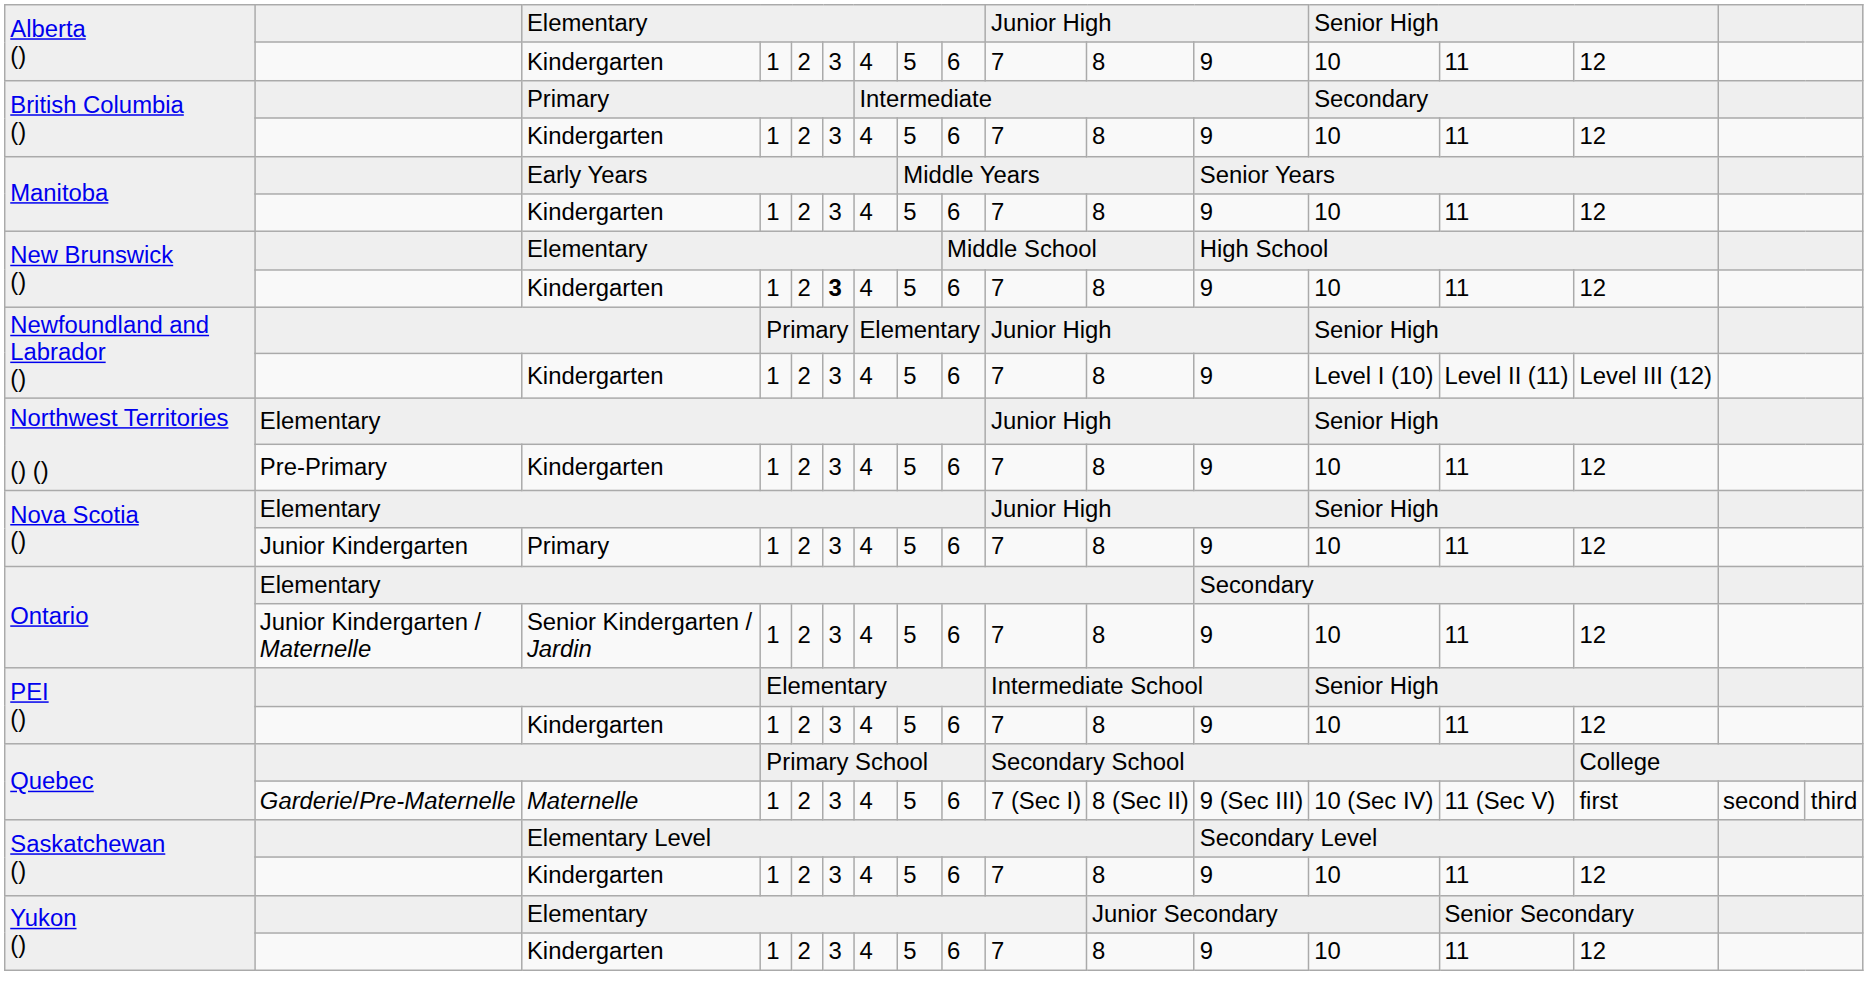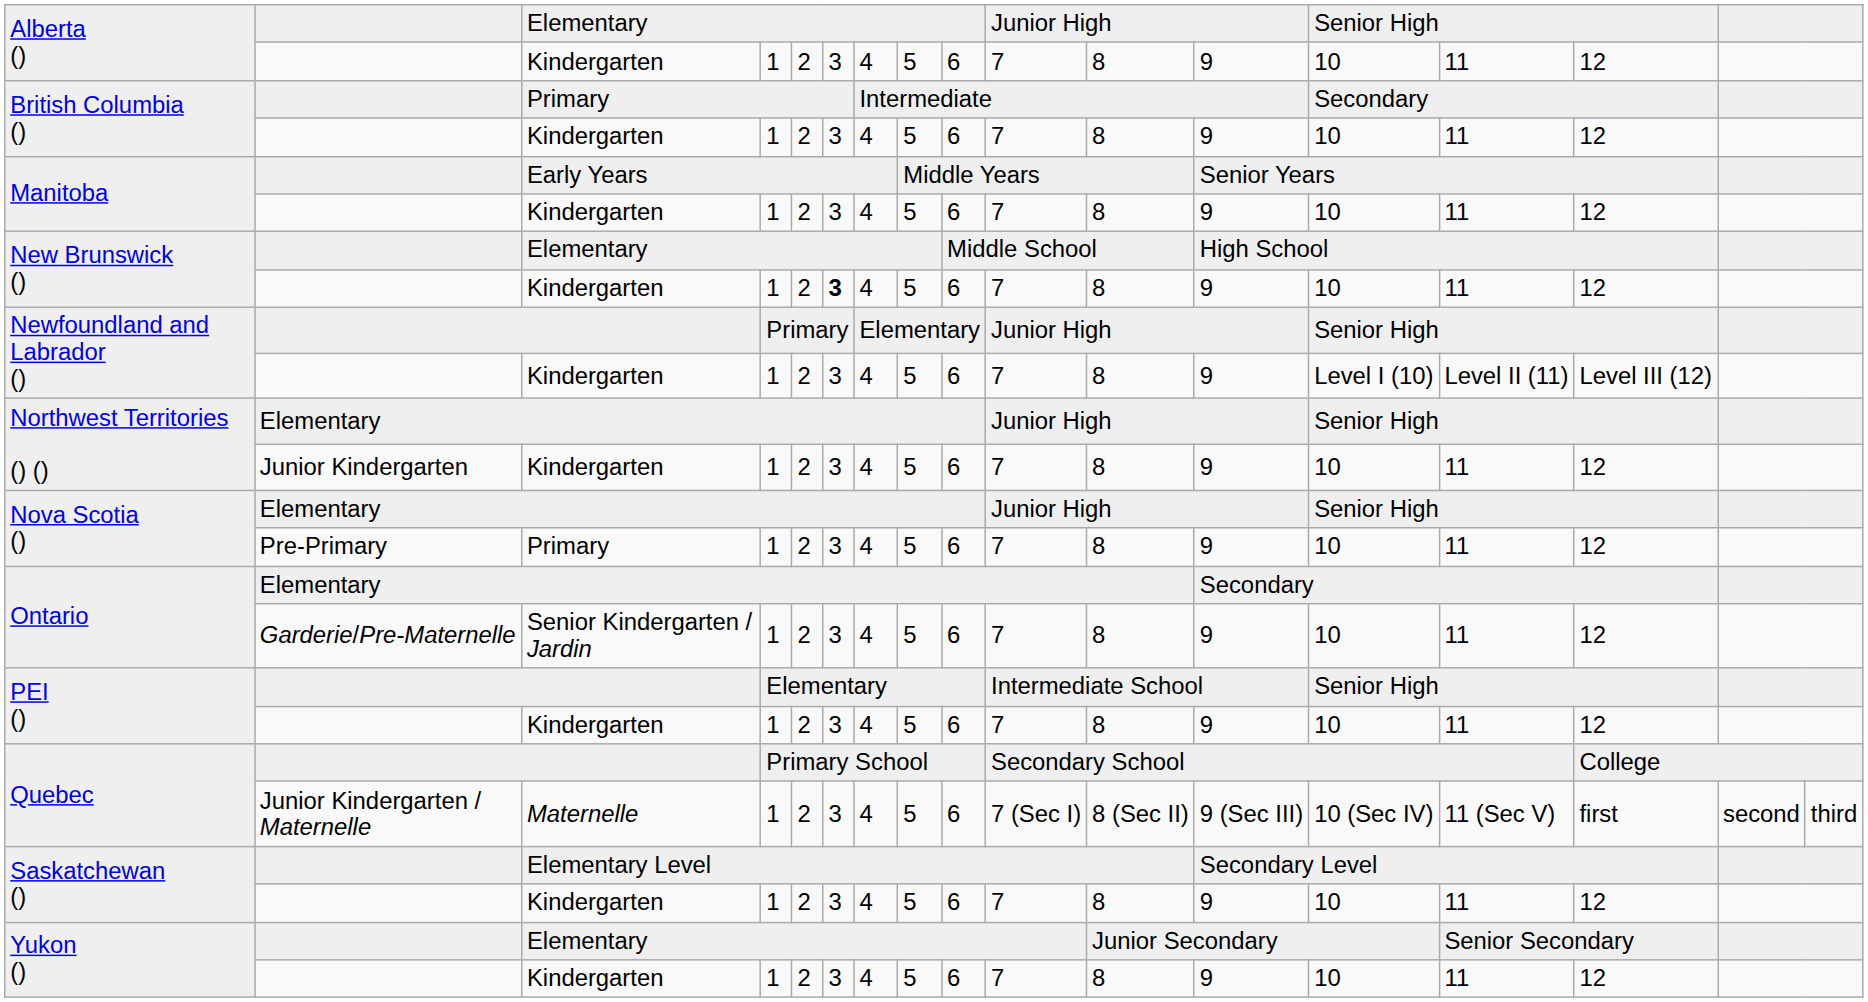 <table class="wikitable">
 <tr style="background: #efefef">
 <td rowspan = "2"> <a href='#'>Alberta</a><br>()</td>
 <td> </td>
 <td colspan = "7">Elementary</td>
 <td colspan = "3">Junior High</td>
 <td colspan = "3">Senior High</td>
 <td colspan="2"> </td>
 </tr>
 <tr>
 <td colpos=2> </td>
 <td>Kindergarten</td>
 <td>1</td>
 <td>2</td>
 <td>3</td>
 <td>4</td>
 <td>5</td>
 <td>6</td>
 <td>7</td>
 <td>8</td>
 <td>9</td>
 <td>10</td>
 <td>11</td>
 <td>12</td>
 <td colspan="2"> </td>
 </tr>
 <tr style="background: #efefef">
 <td rowspan = "2"> <a href='#'>British Columbia</a><br>()</td>
 <td colspan = "1"> </td>
 <td colspan="4">Primary</td>
 <td colspan="6">Intermediate</td>
 <td colspan = "3">Secondary</td>
 <td colspan="2"> </td>
 </tr>
 <tr>
 <td colpos=2> </td>
 <td>Kindergarten</td>
 <td>1</td>
 <td>2</td>
 <td>3</td>
 <td>4</td>
 <td>5</td>
 <td>6</td>
 <td>7</td>
 <td>8</td>
 <td>9</td>
 <td>10</td>
 <td>11</td>
 <td>12</td>
 <td colspan="2"> </td>
 </tr>
 <tr style="background: #efefef">
 <td rowspan = "2"> <a href='#'>Manitoba</a></td>
 <td> </td>
 <td colspan = "5">Early Years</td>
 <td colspan = "4">Middle Years</td>
 <td colspan = "4">Senior Years</td>
 <td colspan="2"> </td>
 </tr>
 <tr>
 <td colpos=2> </td>
 <td>Kindergarten</td>
 <td>1</td>
 <td>2</td>
 <td>3</td>
 <td>4</td>
 <td>5</td>
 <td>6</td>
 <td>7</td>
 <td>8</td>
 <td>9</td>
 <td>10</td>
 <td>11</td>
 <td>12</td>
 <td colspan="2"> </td>
 </tr>
 <tr style="background: #efefef">
 <td rowspan = "2"> <a href='#'>New Brunswick</a><br>()</td>
 <td> </td>
 <td colspan = "6">Elementary</td>
 <td colspan = "3">Middle School</td>
 <td colspan = "4">High School</td>
 <td colspan="2"> </td>
 </tr>
 <tr>
 <td colpos=2> </td>
 <td>Kindergarten</td>
 <td>1</td>
 <td>2</td>
 <td><strong>3</strong></td>
 <td>4</td>
 <td>5</td>
 <td>6</td>
 <td>7</td>
 <td>8</td>
 <td>9</td>
 <td>10</td>
 <td>11</td>
 <td>12</td>
 <td colspan="2"> </td>
 </tr>
 <tr style="background: #efefef;">
 <td rowspan = "2"> <a href='#'>Newfoundland and Labrador</a><br>()</td>
 <td colspan = "2"> </td>
 <td colspan = "3">Primary</td>
 <td colspan = "3">Elementary</td>
 <td colspan = "3">Junior High</td>
 <td colspan = "3">Senior High</td>
 <td colspan="2"> </td>
 </tr>
 <tr>
 <td colpos=2> </td>
 <td>Kindergarten</td>
 <td>1</td>
 <td>2</td>
 <td>3</td>
 <td>4</td>
 <td>5</td>
 <td>6</td>
 <td>7</td>
 <td>8</td>
 <td>9</td>
 <td nowrap="nowrap">Level I (10)</td>
 <td nowrap="nowrap">Level II (11)</td>
 <td nowrap="nowrap">Level III (12)</td>
 <td colspan="2"> </td>
 </tr>
 <tr style="background: #efefef">
 <td rowspan = "2"> <a href='#'>Northwest Territories</a><br><br>() ()</td>
 <td colspan = "8">Elementary</td>
 <td colspan = "3">Junior High</td>
 <td colspan = "3">Senior High</td>
 <td colspan="2"> </td>
 </tr>
 <tr>
-<td colpos=2>Pre-Primary</td>
+<td colpos=2>Junior Kindergarten</td>
 <td>Kindergarten</td>
 <td>1</td>
 <td>2</td>
 <td>3</td>
 <td>4</td>
 <td>5</td>
 <td>6</td>
 <td>7</td>
 <td>8</td>
 <td>9</td>
 <td>10</td>
 <td>11</td>
 <td>12</td>
 <td colspan="2"> </td>
 </tr>
 <tr style="background: #efefef">
 <td rowspan = "2"> <a href='#'>Nova Scotia</a><br>()</td>
 <td colspan = "8">Elementary</td>
 <td colspan = "3">Junior High</td>
 <td colspan = "3">Senior High</td>
 <td colspan="2"> </td>
 </tr>
 <tr>
-<td colpos=2>Junior Kindergarten</td>
+<td colpos=2>Pre-Primary</td>
 <td>Primary</td>
 <td>1</td>
 <td>2</td>
 <td>3</td>
 <td>4</td>
 <td>5</td>
 <td>6</td>
 <td>7</td>
 <td>8</td>
 <td>9</td>
 <td>10</td>
 <td>11</td>
 <td>12</td>
 <td colspan="2"> </td>
 </tr>
 <tr style="background: #efefef;">
 <td rowspan = "2"> <a href='#'>Ontario</a></td>
 <td colspan = "10">Elementary</td>
 <td colspan = "4">Secondary</td>
 <td colspan="2"> </td>
 </tr>
 <tr>
-<td colpos=2>Junior Kindergarten / <em>Maternelle</em></td>
+<td colpos=2><em>Garderie</em>/<em>Pre-Maternelle</em></td>
 <td>Senior Kindergarten / <em>Jardin</em></td>
 <td>1</td>
 <td>2</td>
 <td>3</td>
 <td>4</td>
 <td>5</td>
 <td>6</td>
 <td>7</td>
 <td>8</td>
 <td>9</td>
 <td>10</td>
 <td>11</td>
 <td>12</td>
 <td colspan="2"> </td>
 </tr>
 <tr style="background: #efefef">
 <td rowspan = "2"> <a href='#'>PEI</a><br>()</td>
 <td colspan = "2"> </td>
 <td colspan = "6">Elementary</td>
 <td colspan = "3">Intermediate School</td>
 <td colspan = "3">Senior High</td>
 <td colspan="2"> </td>
 </tr>
 <tr>
 <td colpos=2> </td>
 <td>Kindergarten</td>
 <td>1</td>
 <td>2</td>
 <td>3</td>
 <td>4</td>
 <td>5</td>
 <td>6</td>
 <td>7</td>
 <td>8</td>
 <td>9</td>
 <td>10</td>
 <td>11</td>
 <td>12</td>
 <td colspan="2"> </td>
 </tr>
 <tr style="background: #efefef;">
 <td rowspan = "2"> <a href='#'>Quebec</a></td>
 <td colspan = "2"> </td>
 <td colspan = "6">Primary School</td>
 <td colspan = "5">Secondary School</td>
 <td colspan = "3">College</td>
 </tr>
 <tr>
-<td colpos=2><em>Garderie</em>/<em>Pre-Maternelle</em></td>
+<td colpos=2>Junior Kindergarten / <em>Maternelle</em></td>
 <td><em>Maternelle</em></td>
 <td>1</td>
 <td>2</td>
 <td>3</td>
 <td>4</td>
 <td>5</td>
 <td>6</td>
 <td nowrap="nowrap">7 (Sec I)</td>
 <td nowrap="nowrap">8 (Sec II)</td>
 <td nowrap="nowrap">9 (Sec III)</td>
 <td nowrap="nowrap">10 (Sec IV)</td>
 <td nowrap="nowrap">11 (Sec V)</td>
 <td>first</td>
 <td>second</td>
 <td>third</td>
 </tr>
 <tr style="background: #efefef">
 <td rowspan = "2"> <a href='#'>Saskatchewan</a><br>()</td>
 <td> </td>
 <td colspan="9">Elementary Level</td>
 <td colspan="4">Secondary Level</td>
 <td colspan = "2"></td>
 </tr>
 <tr>
 <td colpos=2></td>
 <td>Kindergarten</td>
 <td>1</td>
 <td>2</td>
 <td>3</td>
 <td>4</td>
 <td>5</td>
 <td>6</td>
 <td>7</td>
 <td>8</td>
 <td>9</td>
 <td>10</td>
 <td>11</td>
 <td>12</td>
 <td colspan="2"> </td>
 </tr>
 <tr style="background: #efefef">
 <td rowspan = "2"> <a href='#'>Yukon</a><br>()</td>
 <td colspan = "1"> </td>
 <td colspan = "8">Elementary</td>
 <td colspan = "3">Junior Secondary</td>
 <td colspan = "2">Senior Secondary</td>
 <td colspan="2"> </td>
 </tr>
 <tr>
 <td colpos=2> </td>
 <td>Kindergarten</td>
 <td>1</td>
 <td>2</td>
 <td>3</td>
 <td>4</td>
 <td>5</td>
 <td>6</td>
 <td>7</td>
 <td>8</td>
 <td>9</td>
 <td>10</td>
 <td>11</td>
 <td>12</td>
 <td colspan="2"> </td>
 </tr>
 </table>
